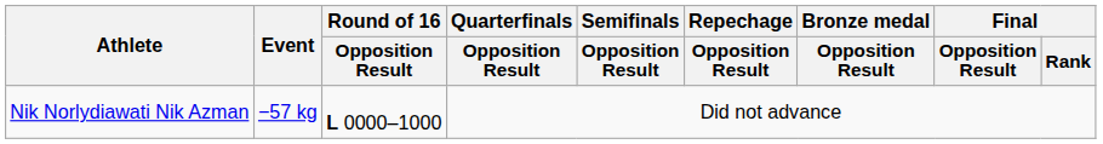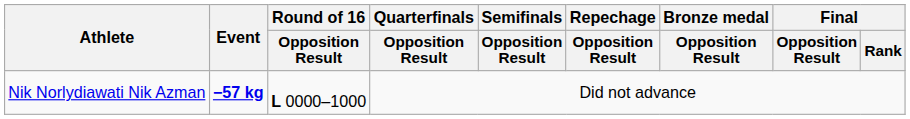 <table class="wikitable" style="font-size:90%;">
 <tr>
 <th rowspan=2>Athlete</th>
 <th rowspan=2>Event</th>
 <th>Round of 16</th>
 <th>Quarterfinals</th>
 <th>Semifinals</th>
 <th>Repechage</th>
 <th>Bronze medal</th>
 <th colspan=2>Final</th>
 </tr>
 <tr style="font-size:95%">
 <th>Opposition<br>Result</th>
 <th>Opposition<br>Result</th>
 <th>Opposition<br>Result</th>
 <th>Opposition<br>Result</th>
 <th>Opposition<br>Result</th>
 <th>Opposition<br>Result</th>
 <th>Rank</th>
 </tr>
 <tr align=center>
 <td align=left><a href='#'>Nik Norlydiawati Nik Azman</a></td>
-<td align=left><a href='#'>−57 kg</a></td>
+<td align=left><strong><a href='#'>−57 kg</a></strong></td>
 <td><br><strong>L</strong> 0000–1000</td>
 <td colspan="6">Did not advance</td>
 </tr>
 </table>
